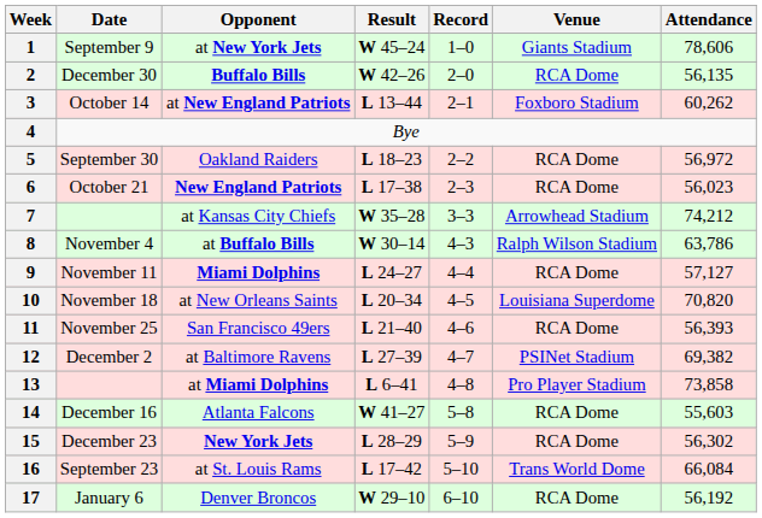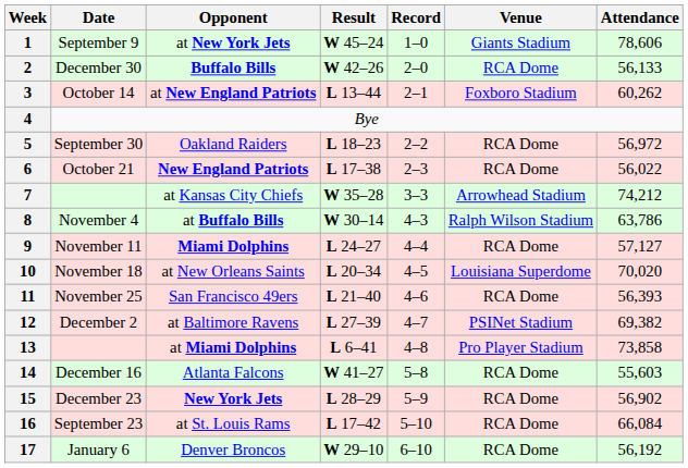 <table class="wikitable" style="text-align:center">
 <tr>
 <th>Week</th>
 <th>Date</th>
 <th>Opponent</th>
 <th>Result</th>
 <th>Record</th>
 <th>Venue</th>
 <th>Attendance</th>
 </tr>
 <tr style="background:#dfd">
 <th>1</th>
 <td>September 9</td>
 <td>at <strong><a href='#'>New York Jets</a></strong></td>
 <td><strong>W</strong> 45–24</td>
 <td>1–0</td>
 <td><a href='#'>Giants Stadium</a></td>
 <td>78,606</td>
 </tr>
 <tr style="background:#dfd">
 <th>2</th>
 <td>December 30</td>
 <td><strong><a href='#'>Buffalo Bills</a></strong></td>
 <td><strong>W</strong> 42–26</td>
 <td>2–0</td>
 <td><a href='#'>RCA Dome</a></td>
-<td>56,135</td>
+<td>56,133</td>
 </tr>
 <tr style="background:#fdd">
 <th>3</th>
 <td>October 14</td>
 <td>at <strong><a href='#'>New England Patriots</a></strong></td>
 <td><strong>L</strong> 13–44</td>
 <td>2–1</td>
 <td><a href='#'>Foxboro Stadium</a></td>
 <td>60,262</td>
 </tr>
 <tr>
 <th>4</th>
 <td colspan=6 align="center"><em>Bye</em></td>
 </tr>
 <tr style="background:#fdd">
 <th>5</th>
 <td>September 30</td>
 <td><a href='#'>Oakland Raiders</a></td>
 <td><strong>L</strong> 18–23</td>
 <td>2–2</td>
 <td>RCA Dome</td>
 <td>56,972</td>
 </tr>
 <tr style="background:#fdd">
 <th>6</th>
 <td>October 21</td>
 <td><strong><a href='#'>New England Patriots</a></strong></td>
 <td><strong>L</strong> 17–38</td>
 <td>2–3</td>
 <td>RCA Dome</td>
-<td>56,023</td>
+<td>56,022</td>
 </tr>
 <tr style="background:#dfd">
 <th>7</th>
 <td></td>
 <td>at <a href='#'>Kansas City Chiefs</a></td>
 <td><strong>W</strong> 35–28</td>
 <td>3–3</td>
 <td><a href='#'>Arrowhead Stadium</a></td>
 <td>74,212</td>
 </tr>
 <tr style="background:#dfd">
 <th>8</th>
 <td>November 4</td>
 <td>at <strong><a href='#'>Buffalo Bills</a></strong></td>
 <td><strong>W</strong> 30–14</td>
 <td>4–3</td>
 <td><a href='#'>Ralph Wilson Stadium</a></td>
 <td>63,786</td>
 </tr>
 <tr style="background:#fdd">
 <th>9</th>
 <td>November 11</td>
 <td><strong><a href='#'>Miami Dolphins</a></strong></td>
 <td><strong>L</strong> 24–27</td>
 <td>4–4</td>
 <td>RCA Dome</td>
 <td>57,127</td>
 </tr>
 <tr style="background:#fdd">
 <th>10</th>
 <td>November 18</td>
 <td>at <a href='#'>New Orleans Saints</a></td>
 <td><strong>L</strong> 20–34</td>
 <td>4–5</td>
 <td><a href='#'>Louisiana Superdome</a></td>
-<td>70,820</td>
+<td>70,020</td>
 </tr>
 <tr style="background:#fdd">
 <th>11</th>
 <td>November 25</td>
 <td><a href='#'>San Francisco 49ers</a></td>
 <td><strong>L</strong> 21–40</td>
 <td>4–6</td>
 <td>RCA Dome</td>
 <td>56,393</td>
 </tr>
 <tr style="background:#fdd">
 <th>12</th>
 <td>December 2</td>
 <td>at <a href='#'>Baltimore Ravens</a></td>
 <td><strong>L</strong> 27–39</td>
 <td>4–7</td>
 <td><a href='#'>PSINet Stadium</a></td>
 <td>69,382</td>
 </tr>
 <tr style="background:#fdd">
 <th>13</th>
 <td></td>
 <td>at <strong><a href='#'>Miami Dolphins</a></strong></td>
 <td><strong>L</strong> 6–41</td>
 <td>4–8</td>
 <td><a href='#'>Pro Player Stadium</a></td>
 <td>73,858</td>
 </tr>
 <tr style="background:#dfd">
 <th>14</th>
 <td>December 16</td>
 <td><a href='#'>Atlanta Falcons</a></td>
 <td><strong>W</strong> 41–27</td>
 <td>5–8</td>
 <td>RCA Dome</td>
 <td>55,603</td>
 </tr>
 <tr style="background:#fdd">
 <th>15</th>
 <td>December 23</td>
 <td><strong><a href='#'>New York Jets</a></strong></td>
 <td><strong>L</strong> 28–29</td>
 <td>5–9</td>
 <td>RCA Dome</td>
-<td>56,302</td>
+<td>56,902</td>
 </tr>
 <tr style="background:#fdd">
 <th>16</th>
 <td>September 23</td>
 <td>at <a href='#'>St. Louis Rams</a></td>
 <td><strong>L</strong> 17–42</td>
 <td>5–10</td>
-<td><a href='#'>Trans World Dome</a></td>
+<td>RCA Dome</td>
 <td>66,084</td>
 </tr>
 <tr style="background:#dfd">
 <th>17</th>
 <td>January 6</td>
 <td><a href='#'>Denver Broncos</a></td>
 <td><strong>W</strong> 29–10</td>
 <td>6–10</td>
 <td>RCA Dome</td>
 <td>56,192</td>
 </tr>
 </table>
